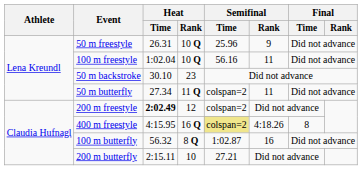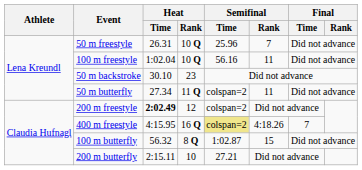 <table class=wikitable style="font-size:90%">
 <tr>
 <th rowspan=2>Athlete</th>
 <th rowspan=2>Event</th>
 <th colspan="2">Heat</th>
 <th colspan="2">Semifinal</th>
 <th colspan="2">Final</th>
 </tr>
 <tr style="font-size:95%">
 <th>Time</th>
 <th>Rank</th>
 <th>Time</th>
 <th>Rank</th>
 <th>Time</th>
 <th>Rank</th>
 </tr>
 <tr align=center>
 <td align=left rowspan=4><a href='#'>Lena Kreundl</a></td>
 <td align=left><a href='#'>50 m freestyle</a></td>
 <td>26.31</td>
 <td>10 <strong>Q</strong></td>
 <td>25.96</td>
-<td>9</td>
+<td>7</td>
 <td colspan=2>Did not advance</td>
 </tr>
 <tr align=center>
 <td align=left><a href='#'>100 m freestyle</a></td>
 <td>1:02.04</td>
 <td>10 <strong>Q</strong></td>
 <td>56.16</td>
 <td>11</td>
 <td colspan=2>Did not advance</td>
 </tr>
 <tr align=center>
 <td align=left><a href='#'>50 m backstroke</a></td>
 <td>30.10</td>
 <td>23</td>
 <td colspan=4>Did not advance</td>
 </tr>
 <tr align=center>
 <td align=left><a href='#'>50 m butterfly</a></td>
 <td>27.34</td>
 <td>11 <strong>Q</strong></td>
 <td>colspan=2 </td>
 <td>11</td>
 <td colspan=2>Did not advance</td>
 </tr>
 <tr align=center>
 <td align=left rowspan=4><a href='#'>Claudia Hufnagl</a></td>
 <td align=left><a href='#'>200 m freestyle</a></td>
 <td><strong>2:02.49</strong></td>
 <td>12</td>
 <td>colspan=2 </td>
 <td colspan=2>Did not advance</td>
 </tr>
 <tr align=center>
 <td align=left><a href='#'>400 m freestyle</a></td>
 <td>4:15.95</td>
 <td>16 <strong>Q</strong></td>
 <td style="background: khaki;">colspan=2 </td>
 <td>4:18.26</td>
-<td>8</td>
+<td>7</td>
 </tr>
 <tr align=center>
 <td align=left><a href='#'>100 m butterfly</a></td>
 <td>56.32</td>
 <td>8 <strong>Q</strong></td>
 <td>1:02.87</td>
-<td>16</td>
+<td>15</td>
 <td colspan=2>Did not advance</td>
 </tr>
 <tr align=center>
 <td align=left><a href='#'>200 m butterfly</a></td>
 <td>2:15.11</td>
 <td>10</td>
 <td>27.21</td>
 <td colspan=2>Did not advance</td>
 </tr>
 </table>
